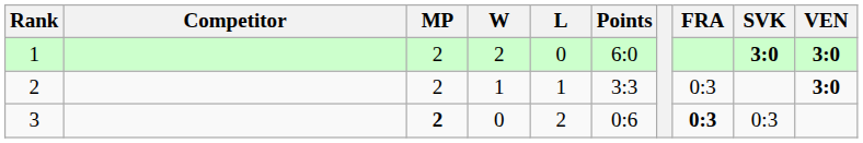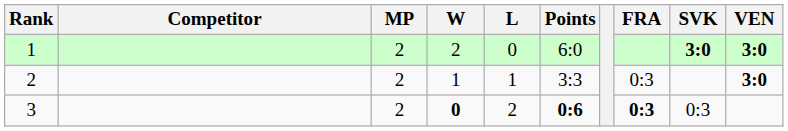 <table class="wikitable" style="text-align:center">
 <tr>
 <th>Rank</th>
 <th style="width:16em">Competitor</th>
 <th style="width:2.5em">MP</th>
 <th style="width:2.5em">W</th>
 <th style="width:2.5em">L</th>
 <th>Points</th>
 <th rowspan="4"> </th>
 <th style="width:2.5em">FRA</th>
 <th style="width:2.5em">SVK</th>
 <th style="width:2.5em">VEN</th>
 </tr>
 <tr style="background:#cfc;">
 <td>1</td>
 <td style="text-align:left"></td>
 <td>2</td>
 <td>2</td>
 <td>0</td>
 <td>6:0</td>
 <td></td>
 <td><strong>3:0</strong></td>
 <td><strong>3:0</strong></td>
 </tr>
 <tr>
 <td>2</td>
 <td style="text-align:left"></td>
 <td>2</td>
 <td>1</td>
 <td>1</td>
 <td>3:3</td>
 <td>0:3</td>
 <td></td>
 <td><strong>3:0</strong></td>
 </tr>
 <tr>
 <td>3</td>
 <td style="text-align:left"></td>
-<td><strong>2</strong></td>
-<td>0</td>
 <td>2</td>
-<td>0:6</td>
+<td><strong>0</strong></td>
+<td>2</td>
+<td><strong>0:6</strong></td>
 <td><strong>0:3</strong></td>
 <td>0:3</td>
 <td></td>
 </tr>
 </table>
